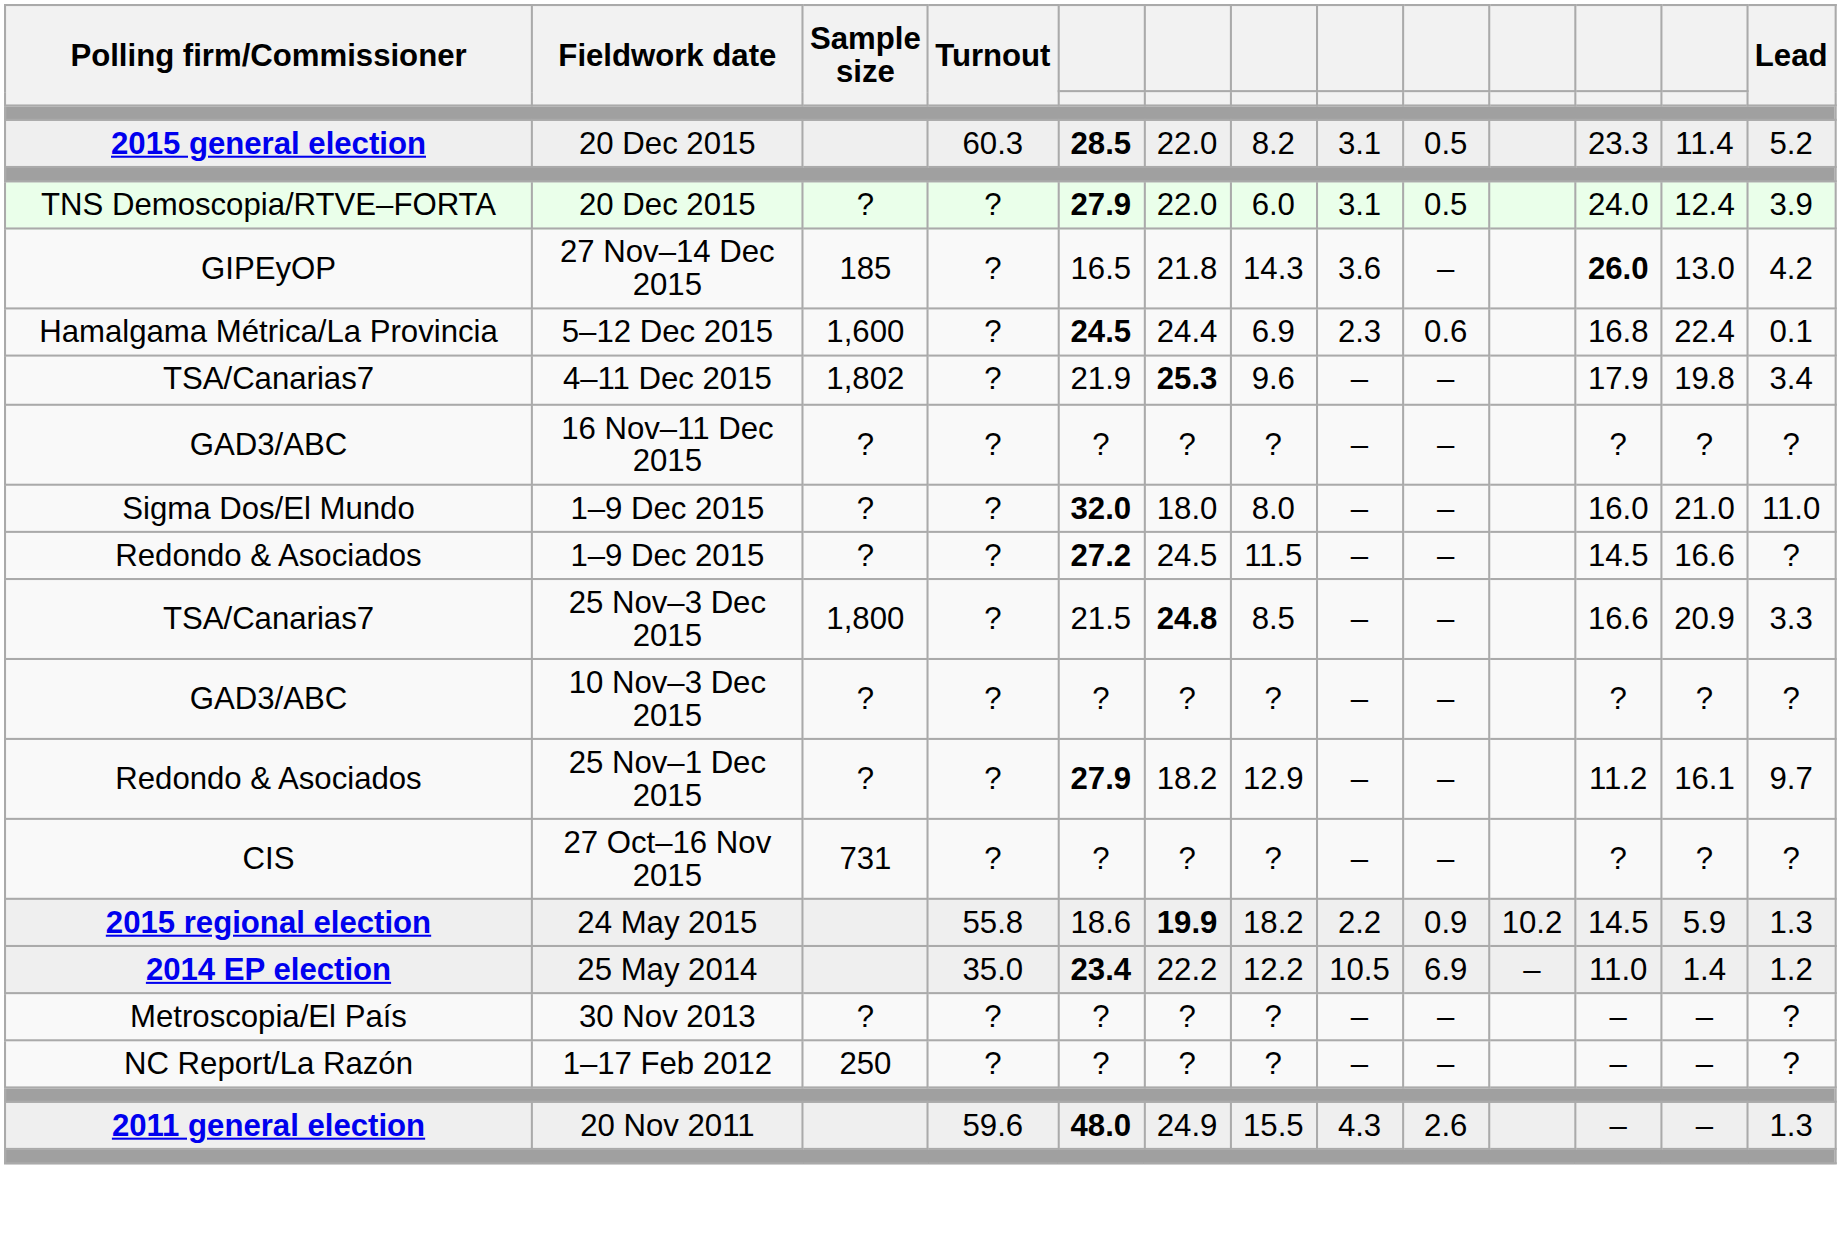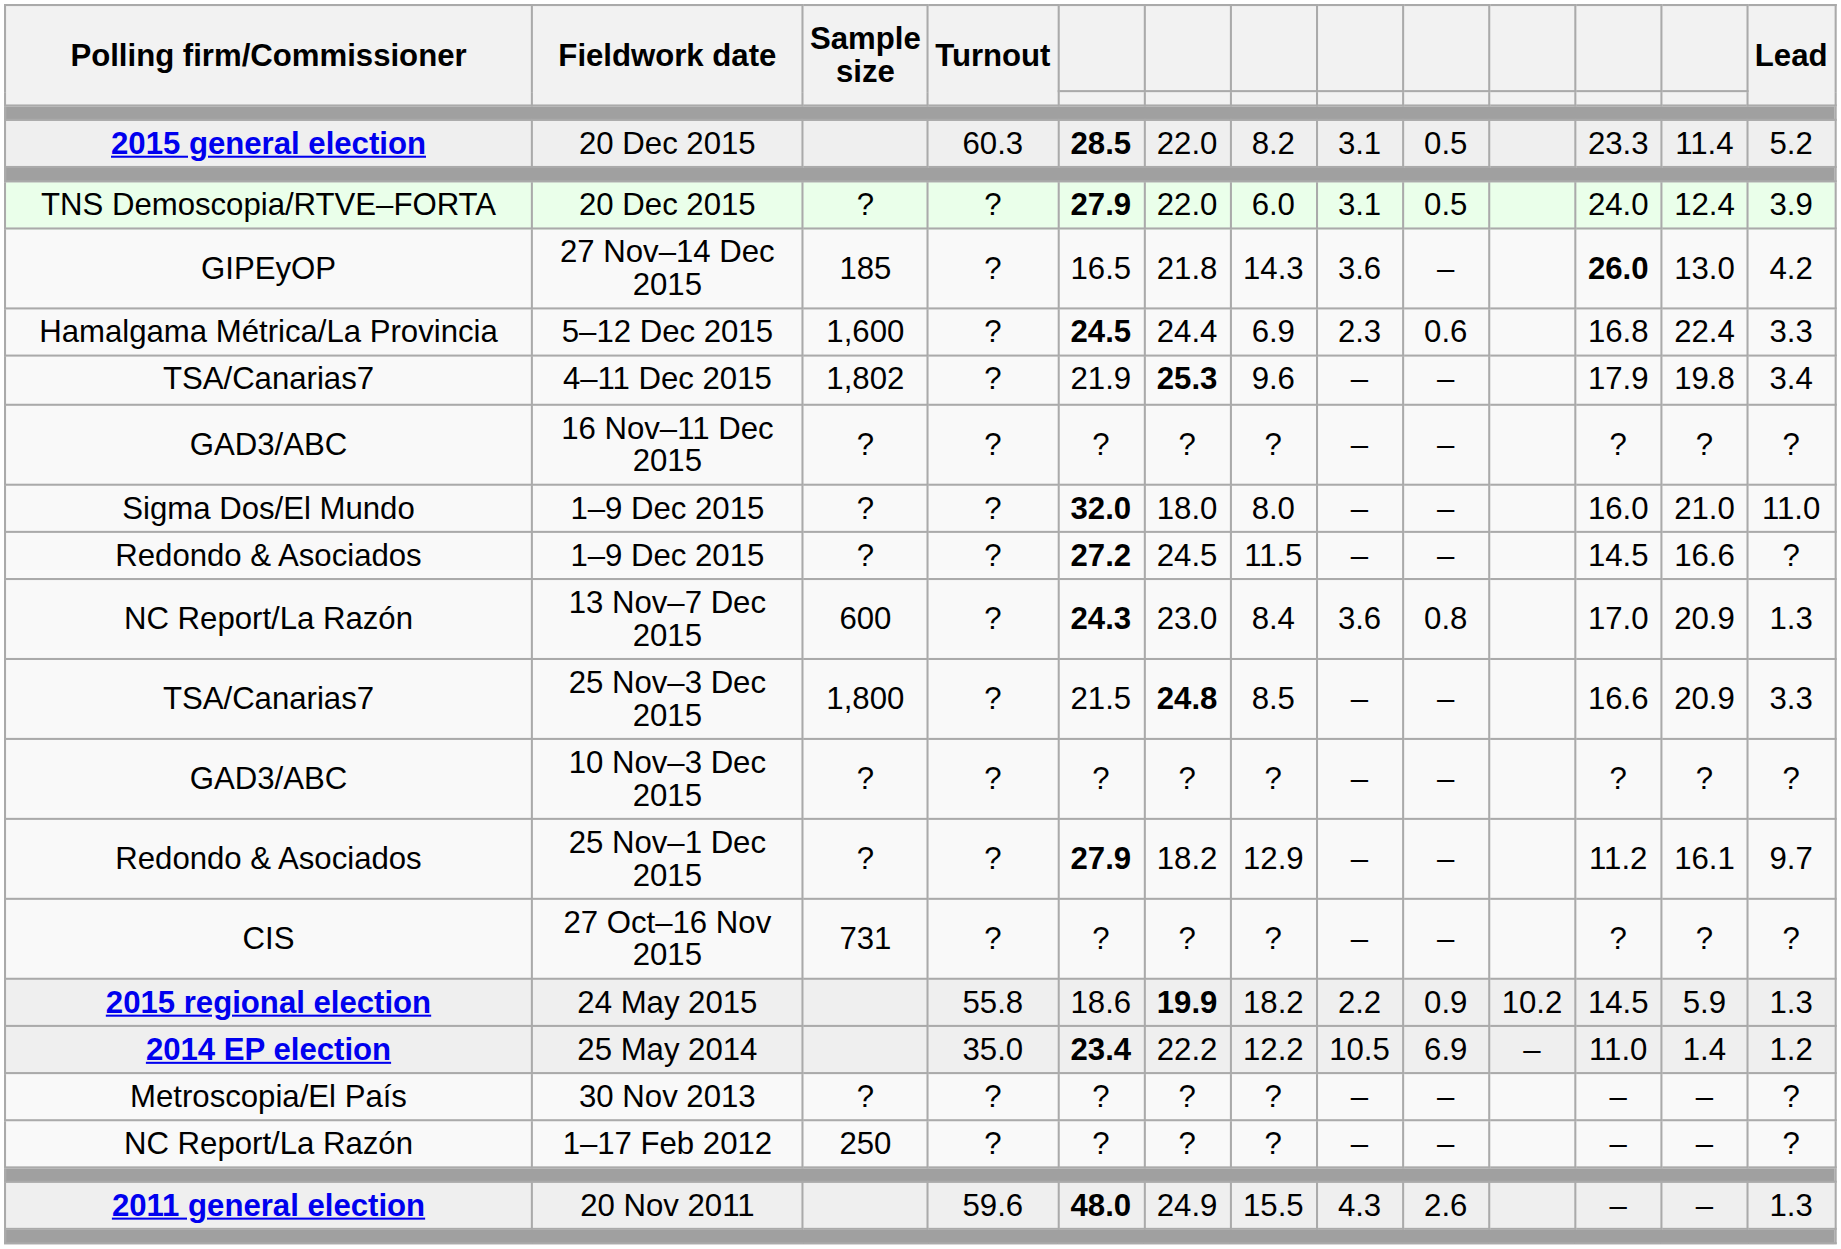 <table class="wikitable collapsible collapsed" style="text-align:center; font-size:95%; line-height:16px;">
 <tr style="height:42px; background-color:#E9E9E9">
 <th style="width:250px;" rowspan="2">Polling firm/Commissioner</th>
 <th style="width:125px;" rowspan="2">Fieldwork date</th>
 <th style="width:50px;" rowspan="2">Sample size</th>
 <th style="width:45px;" rowspan="2">Turnout</th>
 <th style="width:35px;"></th>
 <th style="width:35px;"></th>
 <th style="width:35px;"></th>
 <th style="width:35px;"></th>
 <th style="width:35px;"></th>
 <th style="width:35px;"></th>
 <th style="width:35px;"></th>
 <th style="width:35px;"></th>
 <th style="width:30px;" rowspan="2">Lead</th>
 </tr>
 <tr>
 <th style="color:inherit;background:"></th>
 <th style="color:inherit;background:"></th>
 <th style="color:inherit;background:"></th>
 <th style="color:inherit;background:"></th>
 <th style="color:inherit;background:"></th>
 <th style="color:inherit;background:"></th>
 <th style="color:inherit;background:"></th>
 <th style="color:inherit;background:"></th>
 </tr>
 <tr>
 <td colspan="13" style="background:#A0A0A0"></td>
 </tr>
 <tr style="background:#EFEFEF;">
 <td><strong><a href='#'>2015 general election</a></strong></td>
 <td>20 Dec 2015</td>
 <td></td>
 <td>60.3</td>
 <td><strong>28.5</strong><br></td>
 <td>22.0<br></td>
 <td>8.2<br></td>
 <td>3.1<br></td>
 <td>0.5<br></td>
 <td></td>
 <td>23.3<br></td>
 <td>11.4<br></td>
 <td style="background:">5.2</td>
 </tr>
 <tr>
 <td colspan="13" style="background:#A0A0A0"></td>
 </tr>
 <tr style="background:#EAFFEA;">
 <td>TNS Demoscopia/RTVE–FORTA</td>
 <td>20 Dec 2015</td>
 <td>?</td>
 <td>?</td>
 <td><strong>27.9</strong><br></td>
 <td>22.0<br></td>
 <td>6.0<br></td>
 <td>3.1<br></td>
 <td>0.5<br></td>
 <td></td>
 <td>24.0<br></td>
 <td>12.4<br></td>
 <td style="background:">3.9</td>
 </tr>
 <tr>
 <td>GIPEyOP</td>
 <td>27 Nov–14 Dec 2015</td>
 <td>185</td>
 <td>?</td>
 <td>16.5<br></td>
 <td>21.8<br></td>
 <td>14.3<br></td>
 <td>3.6<br></td>
 <td>–</td>
 <td></td>
 <td><strong>26.0</strong><br></td>
 <td>13.0<br></td>
 <td style="background:">4.2</td>
 </tr>
 <tr>
 <td>Hamalgama Métrica/La Provincia</td>
 <td>5–12 Dec 2015</td>
 <td>1,600</td>
 <td>?</td>
 <td><strong>24.5</strong><br></td>
 <td>24.4<br></td>
 <td>6.9<br></td>
 <td>2.3<br></td>
 <td>0.6<br></td>
 <td></td>
 <td>16.8<br></td>
 <td>22.4<br></td>
-<td style="background:">0.1</td>
+<td style="background:">3.3</td>
 </tr>
 <tr>
 <td>TSA/Canarias7</td>
 <td>4–11 Dec 2015</td>
 <td>1,802</td>
 <td>?</td>
 <td>21.9<br></td>
 <td><strong>25.3</strong><br></td>
 <td>9.6<br></td>
 <td>–</td>
 <td>–</td>
 <td></td>
 <td>17.9<br></td>
 <td>19.8<br></td>
 <td style="background:">3.4</td>
 </tr>
 <tr>
 <td>GAD3/ABC</td>
 <td>16 Nov–11 Dec 2015</td>
 <td>?</td>
 <td>?</td>
 <td>?<br></td>
 <td>?<br></td>
 <td>?<br></td>
 <td>–</td>
 <td>–</td>
 <td></td>
 <td>?<br></td>
 <td>?<br></td>
 <td style="background:">?</td>
 </tr>
 <tr>
 <td>Sigma Dos/El Mundo</td>
 <td>1–9 Dec 2015</td>
 <td>?</td>
 <td>?</td>
 <td><strong>32.0</strong><br></td>
 <td>18.0<br></td>
 <td>8.0<br></td>
 <td>–</td>
 <td>–</td>
 <td></td>
 <td>16.0<br></td>
 <td>21.0<br></td>
 <td style="background:">11.0</td>
 </tr>
 <tr>
 <td>Redondo & Asociados</td>
 <td>1–9 Dec 2015</td>
 <td>?</td>
 <td>?</td>
 <td><strong>27.2</strong><br></td>
 <td>24.5<br></td>
 <td>11.5<br></td>
 <td>–</td>
 <td>–</td>
 <td></td>
 <td>14.5<br></td>
 <td>16.6<br></td>
 <td style="background:">?</td>
+</tr>
+<tr>
+<td>NC Report/La Razón</td>
+<td>13 Nov–7 Dec 2015</td>
+<td>600</td>
+<td>?</td>
+<td><strong>24.3</strong><br></td>
+<td>23.0<br></td>
+<td>8.4<br></td>
+<td>3.6<br></td>
+<td>0.8<br></td>
+<td></td>
+<td>17.0<br></td>
+<td>20.9<br></td>
+<td style="background:">1.3</td>
 </tr>
 <tr>
 <td>TSA/Canarias7</td>
 <td>25 Nov–3 Dec 2015</td>
 <td>1,800</td>
 <td>?</td>
 <td>21.5<br></td>
 <td><strong>24.8</strong><br></td>
 <td>8.5<br></td>
 <td>–</td>
 <td>–</td>
 <td></td>
 <td>16.6<br></td>
 <td>20.9<br></td>
 <td style="background:">3.3</td>
 </tr>
 <tr>
 <td>GAD3/ABC</td>
 <td>10 Nov–3 Dec 2015</td>
 <td>?</td>
 <td>?</td>
 <td>?<br></td>
 <td>?<br></td>
 <td>?<br></td>
 <td>–</td>
 <td>–</td>
 <td></td>
 <td>?<br></td>
 <td>?<br></td>
 <td style="background:">?</td>
 </tr>
 <tr>
 <td>Redondo & Asociados</td>
 <td>25 Nov–1 Dec 2015</td>
 <td>?</td>
 <td>?</td>
 <td><strong>27.9</strong><br></td>
 <td>18.2<br></td>
 <td>12.9<br></td>
 <td>–</td>
 <td>–</td>
 <td></td>
 <td>11.2<br></td>
 <td>16.1<br></td>
 <td style="background:">9.7</td>
 </tr>
 <tr>
 <td>CIS</td>
 <td>27 Oct–16 Nov 2015</td>
 <td>731</td>
 <td>?</td>
 <td>?<br></td>
 <td>?<br></td>
 <td>?<br></td>
 <td>–</td>
 <td>–</td>
 <td></td>
 <td>?<br></td>
 <td>?<br></td>
 <td style="background:">?</td>
 </tr>
 <tr style="background:#EFEFEF;">
 <td><strong><a href='#'>2015 regional election</a></strong></td>
 <td>24 May 2015</td>
 <td></td>
 <td>55.8</td>
 <td>18.6<br></td>
 <td><strong>19.9</strong><br></td>
 <td>18.2<br></td>
 <td>2.2<br></td>
 <td>0.9<br></td>
 <td>10.2<br></td>
 <td>14.5<br></td>
 <td>5.9<br></td>
 <td style="background:">1.3</td>
 </tr>
 <tr style="background:#EFEFEF;">
 <td><strong><a href='#'>2014 EP election</a></strong></td>
 <td>25 May 2014</td>
 <td></td>
 <td>35.0</td>
 <td><strong>23.4</strong><br></td>
 <td>22.2<br></td>
 <td>12.2<br></td>
 <td>10.5<br></td>
 <td>6.9<br></td>
 <td>–</td>
 <td>11.0<br></td>
 <td>1.4<br></td>
 <td style="background:">1.2</td>
 </tr>
 <tr>
 <td>Metroscopia/El País</td>
 <td>30 Nov 2013</td>
 <td>?</td>
 <td>?</td>
 <td>?<br></td>
 <td>?<br></td>
 <td>?<br></td>
 <td>–</td>
 <td>–</td>
 <td></td>
 <td>–</td>
 <td>–</td>
 <td style="background:">?</td>
 </tr>
 <tr>
 <td>NC Report/La Razón</td>
 <td>1–17 Feb 2012</td>
 <td>250</td>
 <td>?</td>
 <td>?<br></td>
 <td>?<br></td>
 <td>?<br></td>
 <td>–</td>
 <td>–</td>
 <td></td>
 <td>–</td>
 <td>–</td>
 <td style="background:">?</td>
 </tr>
 <tr>
 <td colspan="13" style="background:#A0A0A0"></td>
 </tr>
 <tr style="background:#EFEFEF;">
 <td><strong><a href='#'>2011 general election</a></strong></td>
 <td>20 Nov 2011</td>
 <td></td>
 <td>59.6</td>
 <td><strong>48.0</strong><br></td>
 <td>24.9<br></td>
 <td>15.5<br></td>
 <td>4.3<br></td>
 <td>2.6<br></td>
 <td></td>
 <td>–</td>
 <td>–</td>
 <td style="background:">1.3</td>
 </tr>
 <tr>
 <td colspan="13" style="background:#A0A0A0"></td>
 </tr>
 </table>
